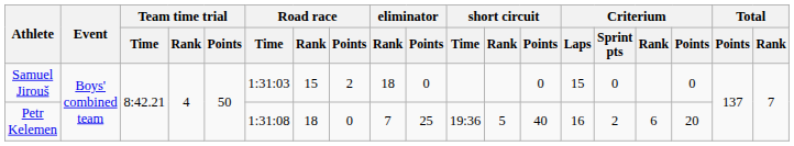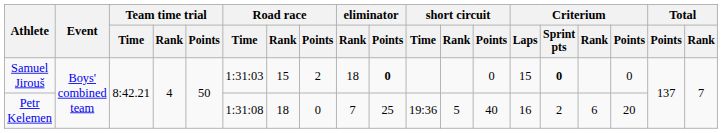 <table class="wikitable" style="text-align:center; font-size:90%;">
 <tr>
 <th rowspan="2">Athlete</th>
 <th rowspan="2">Event</th>
 <th colspan="3">Team time trial</th>
 <th colspan="3">Road race</th>
 <th colspan="2"> eliminator</th>
 <th colspan="3"> short circuit</th>
 <th colspan="4">Criterium</th>
 <th colspan="2">Total</th>
 </tr>
 <tr style="font-size:95%;">
 <th>Time</th>
 <th>Rank</th>
 <th>Points</th>
 <th>Time</th>
 <th>Rank</th>
 <th>Points</th>
 <th>Rank</th>
 <th>Points</th>
 <th>Time</th>
 <th>Rank</th>
 <th>Points</th>
 <th>Laps</th>
 <th>Sprint pts</th>
 <th>Rank</th>
 <th>Points</th>
 <th>Points</th>
 <th>Rank</th>
 </tr>
 <tr>
 <td><a href='#'>Samuel Jirouš</a></td>
 <td rowspan=2><a href='#'>Boys' combined team</a></td>
 <td rowspan=2>8:42.21</td>
 <td rowspan=2>4</td>
 <td rowspan=2>50</td>
 <td>1:31:03</td>
 <td>15</td>
 <td>2</td>
 <td>18</td>
-<td>0</td>
+<td><strong>0</strong></td>
 <td> </td>
 <td></td>
 <td>0</td>
 <td>15</td>
-<td>0</td>
+<td><strong>0</strong></td>
 <td></td>
 <td>0</td>
 <td rowspan=2>137</td>
 <td rowspan=2>7</td>
 </tr>
 <tr>
 <td><a href='#'>Petr Kelemen</a></td>
 <td>1:31:08</td>
 <td>18</td>
 <td>0</td>
 <td>7</td>
 <td>25</td>
 <td>19:36</td>
 <td>5</td>
 <td>40</td>
 <td>16</td>
 <td>2</td>
 <td>6</td>
 <td>20</td>
 </tr>
 </table>
